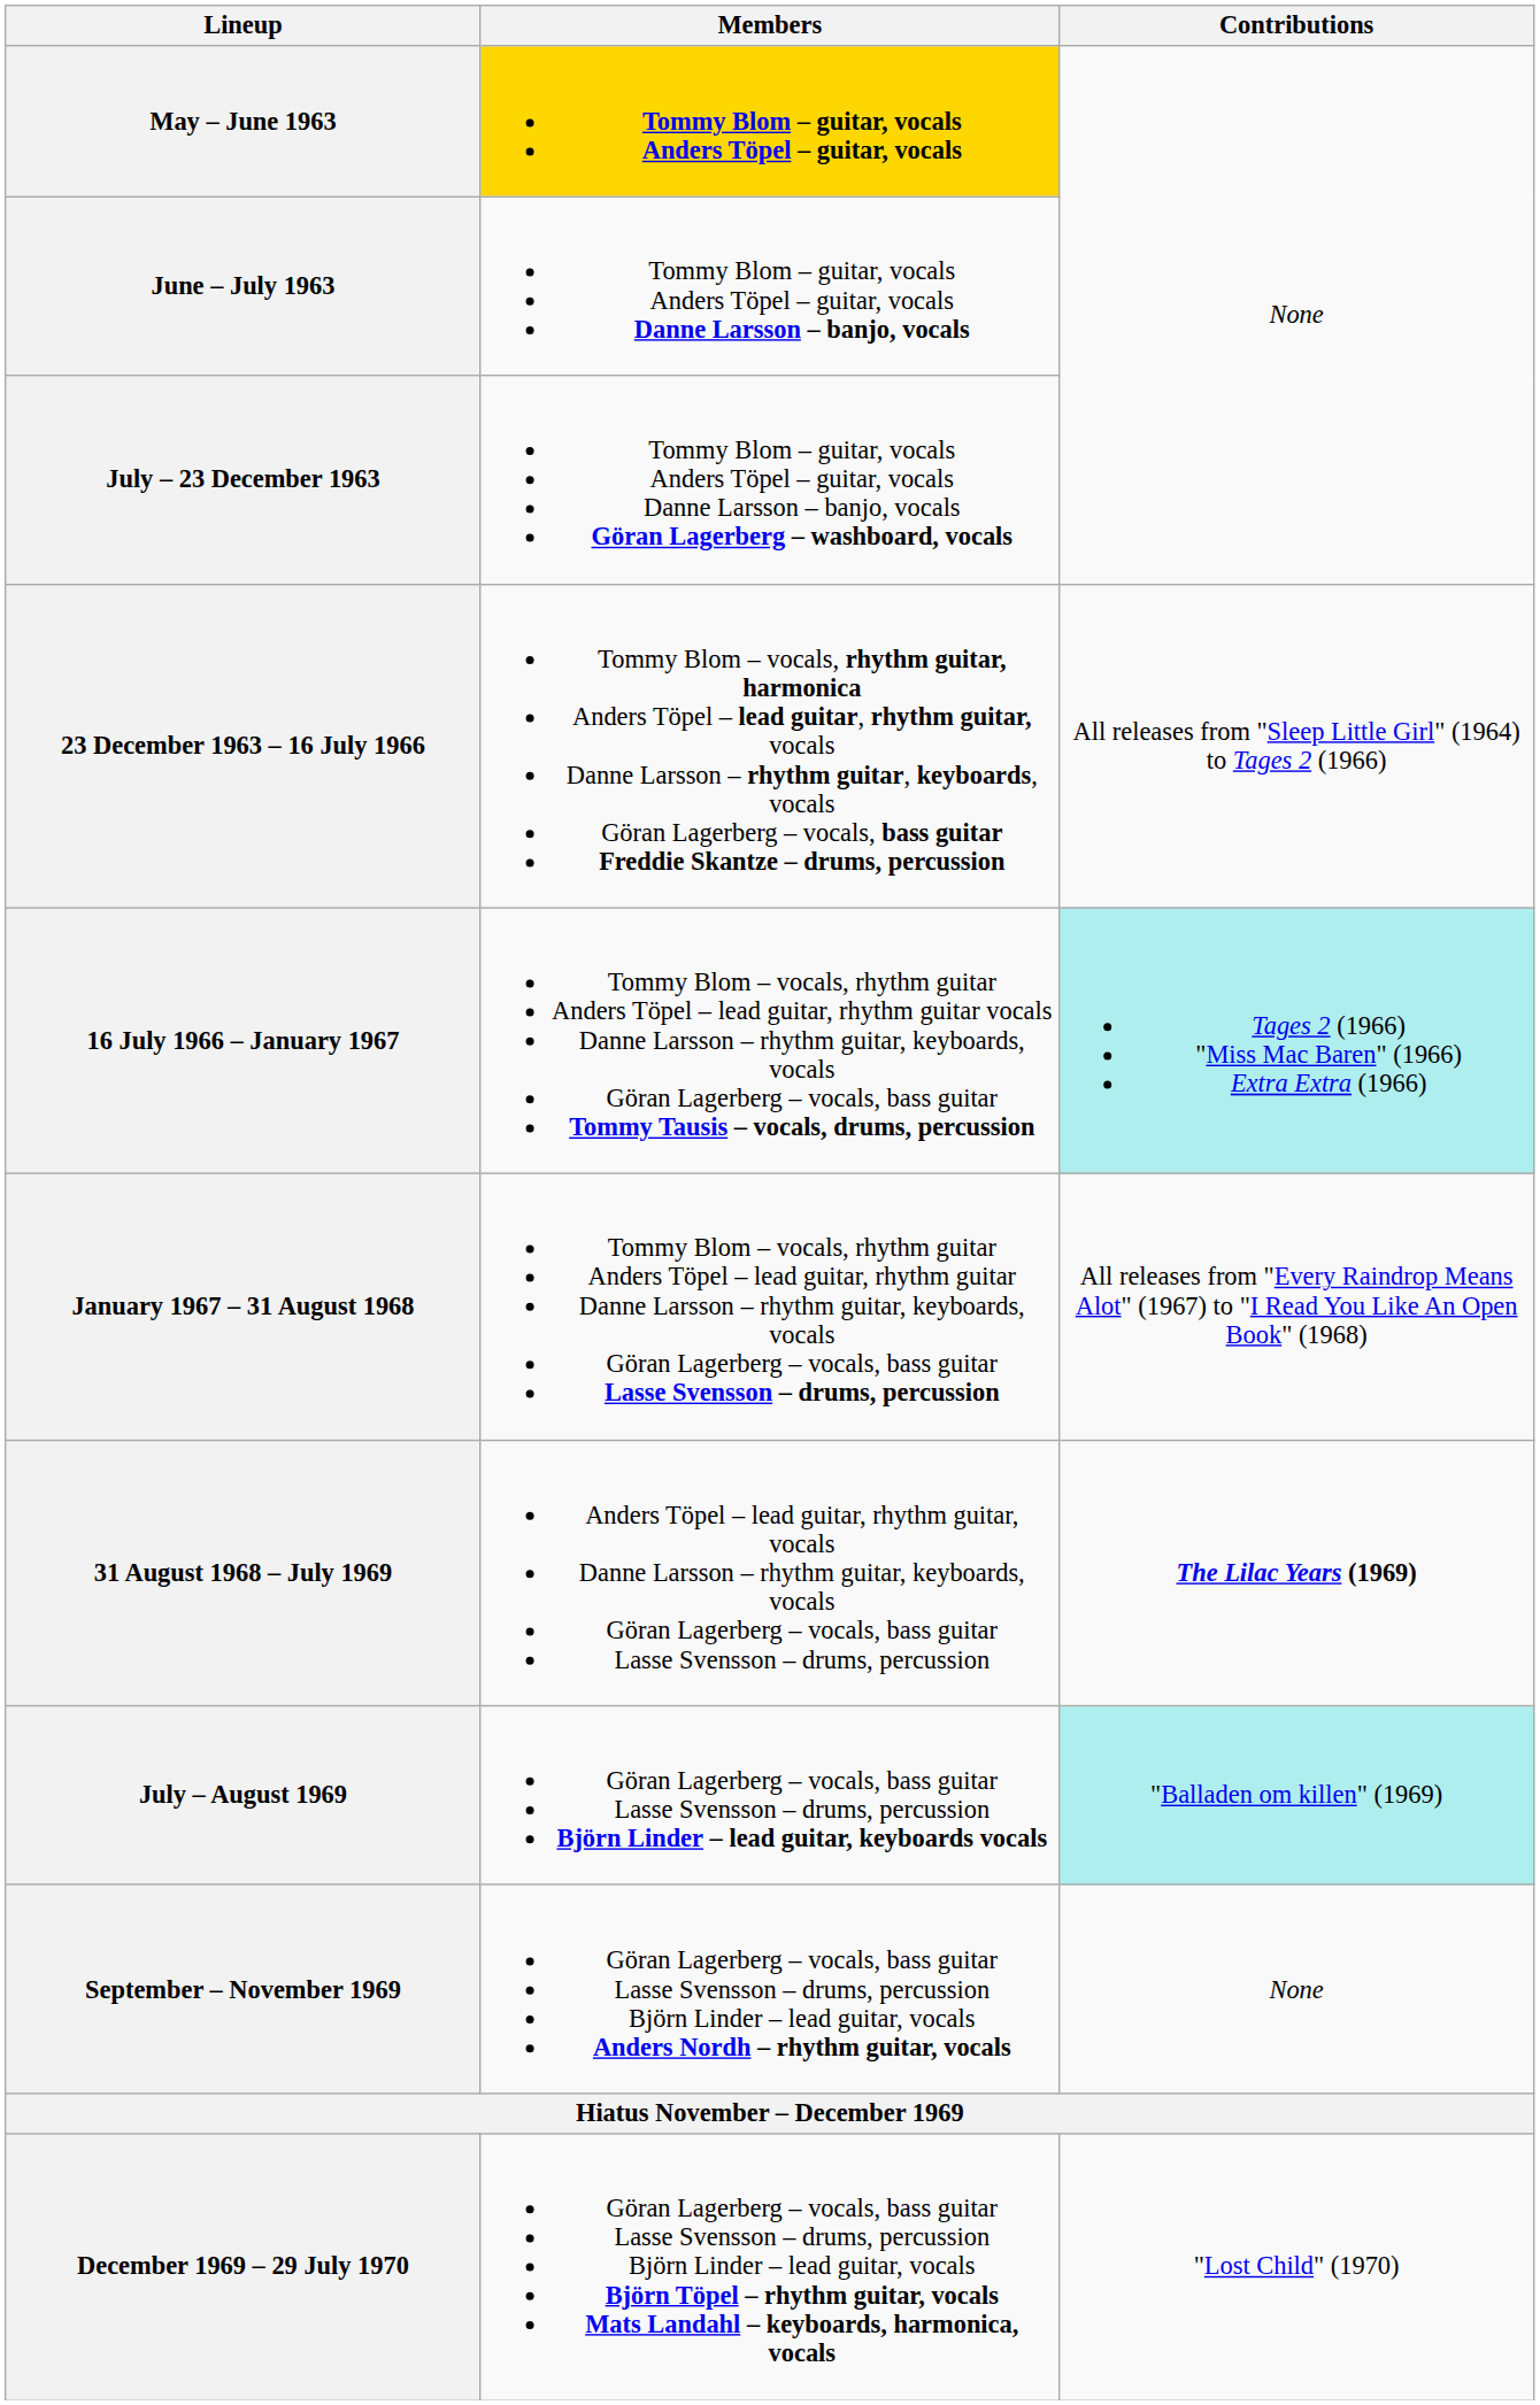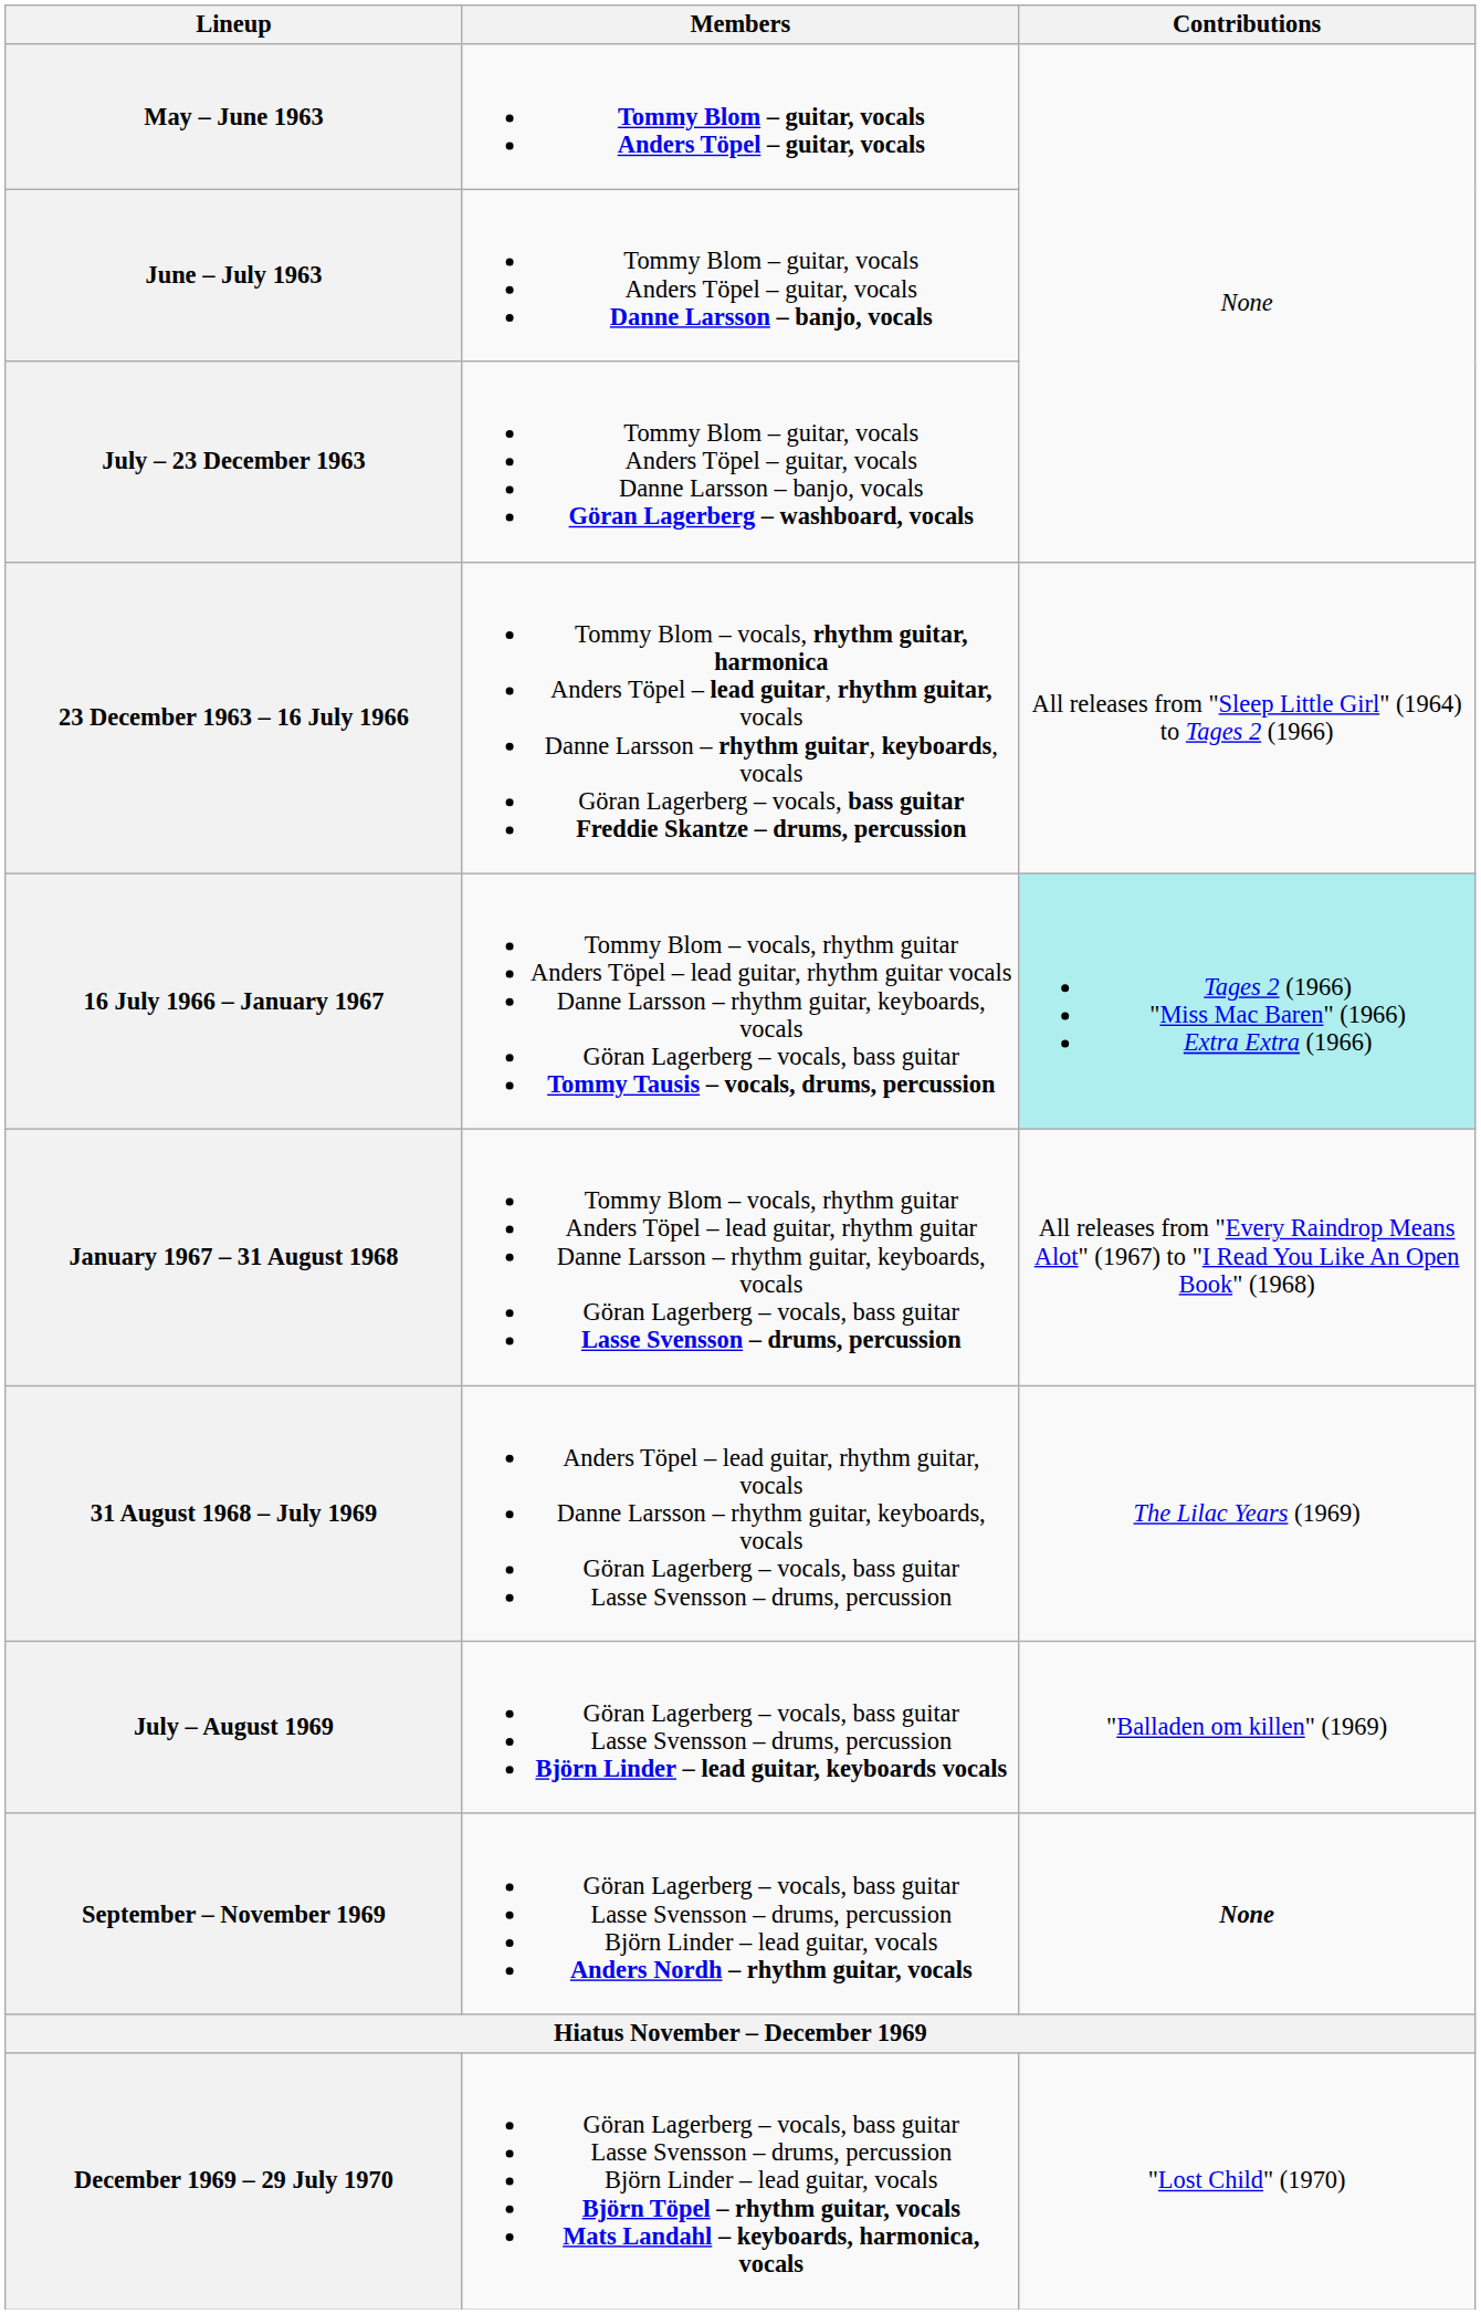 <table class="wikitable plainrowheaders" style="text-align:center;">
 <tr>
 <th scope="col" style="width:18em;">Lineup</th>
 <th scope="col" style="width:22em;">Members</th>
 <th scope="col" style="width:18em;">Contributions</th>
 </tr>
 <tr>
 <th scope="col">May – June 1963<em></em></th>
-<td style="background: gold;"><br><ul><li><strong><a href='#'>Tommy Blom</a> – guitar, vocals</strong></li><li><strong><a href='#'>Anders Töpel</a> – guitar, vocals</strong></li></ul></td>
+<td><br><ul><li><strong><a href='#'>Tommy Blom</a> – guitar, vocals</strong></li><li><strong><a href='#'>Anders Töpel</a> – guitar, vocals</strong></li></ul></td>
 <td rowspan="3"><em>None</em></td>
 </tr>
 <tr>
 <th>June – July 1963<em></em></th>
 <td><br><ul><li>Tommy Blom – guitar, vocals</li><li>Anders Töpel – guitar, vocals</li><li><strong><a href='#'>Danne Larsson</a> – banjo, vocals</strong></li></ul></td>
 </tr>
 <tr>
 <th>July – 23 December 1963<em></em></th>
 <td><br><ul><li>Tommy Blom – guitar, vocals</li><li>Anders Töpel – guitar, vocals</li><li>Danne Larsson – banjo, vocals</li><li><strong><a href='#'>Göran Lagerberg</a> – washboard, vocals</strong></li></ul></td>
 </tr>
 <tr>
 <th>23 December 1963 – 16 July 1966</th>
 <td><br><ul><li>Tommy Blom – vocals, <strong>rhythm guitar, harmonica</strong></li><li>Anders Töpel – <strong>lead guitar</strong>, <strong>rhythm guitar,</strong> vocals</li><li>Danne Larsson – <strong>rhythm guitar</strong>, <strong>keyboards</strong>, vocals</li><li>Göran Lagerberg – vocals, <strong>bass guitar</strong></li><li><strong>Freddie Skantze – drums, percussion</strong></li></ul></td>
 <td>All releases from "<a href='#'>Sleep Little Girl</a>" (1964) to <em><a href='#'>Tages 2</a></em> (1966)</td>
 </tr>
 <tr>
 <th>16 July 1966 – January 1967</th>
 <td><br><ul><li>Tommy Blom – vocals, rhythm guitar</li><li>Anders Töpel – lead guitar, rhythm guitar vocals</li><li>Danne Larsson – rhythm guitar, keyboards, vocals</li><li>Göran Lagerberg – vocals, bass guitar</li><li><strong><a href='#'>Tommy Tausis</a></strong> <strong>– vocals, drums, percussion</strong></li></ul></td>
 <td style="background: paleturquoise;"><br><ul><li><em><a href='#'>Tages 2</a></em> (1966)</li><li>"<a href='#'>Miss Mac Baren</a>" (1966)</li><li><a href='#'><em><u>Extra Extra</u></em></a> (1966)</li></ul></td>
 </tr>
 <tr>
 <th>January 1967 – 31 August 1968</th>
 <td><br><ul><li>Tommy Blom – vocals, rhythm guitar</li><li>Anders Töpel – lead guitar, rhythm guitar</li><li>Danne Larsson – rhythm guitar, keyboards, vocals</li><li>Göran Lagerberg – vocals, bass guitar</li><li><strong><a href='#'>Lasse Svensson</a> – drums, percussion</strong></li></ul></td>
 <td>All releases from "<a href='#'>Every Raindrop Means Alot</a>" (1967) to "<a href='#'>I Read You Like An Open Book</a>" (1968)</td>
 </tr>
 <tr>
 <th>31 August 1968 – July 1969</th>
 <td><br><ul><li>Anders Töpel – lead guitar, rhythm guitar, vocals</li><li>Danne Larsson – rhythm guitar, keyboards, vocals</li><li>Göran Lagerberg – vocals, bass guitar</li><li>Lasse Svensson – drums, percussion</li></ul></td>
-<td><strong><em><a href='#'>The Lilac Years</a></em> (1969)</strong></td>
+<td><em><a href='#'>The Lilac Years</a></em> (1969)</td>
 </tr>
 <tr>
 <th>July – August 1969</th>
 <td><br><ul><li>Göran Lagerberg – vocals, bass guitar</li><li>Lasse Svensson – drums, percussion</li><li><strong><a href='#'>Björn Linder</a></strong> <strong>– lead guitar, keyboards vocals</strong></li></ul></td>
-<td style="background: paleturquoise;">"<a href='#'>Balladen om killen</a>" (1969)</td>
+<td>"<a href='#'>Balladen om killen</a>" (1969)</td>
 </tr>
 <tr>
 <th>September – November 1969</th>
 <td><br><ul><li>Göran Lagerberg – vocals, bass guitar</li><li>Lasse Svensson – drums, percussion</li><li>Björn Linder – lead guitar, vocals</li><li><strong><a href='#'>Anders Nordh</a></strong> <strong>– rhythm guitar, vocals</strong></li></ul></td>
-<td><em>None</em></td>
+<td><strong><em>None</em></strong></td>
 </tr>
 <tr>
 <th colspan="3">Hiatus November – December 1969</th>
 </tr>
 <tr>
 <th>December 1969 – 29 July 1970</th>
 <td><br><ul><li>Göran Lagerberg – vocals, bass guitar</li><li>Lasse Svensson – drums, percussion</li><li>Björn Linder – lead guitar, vocals</li><li><strong><a href='#'>Björn Töpel</a> – rhythm guitar, vocals</strong></li><li><strong><a href='#'>Mats Landahl</a> – keyboards, harmonica, vocals</strong></li></ul></td>
 <td>"<a href='#'>Lost Child</a>" (1970)</td>
 </tr>
 </table>
